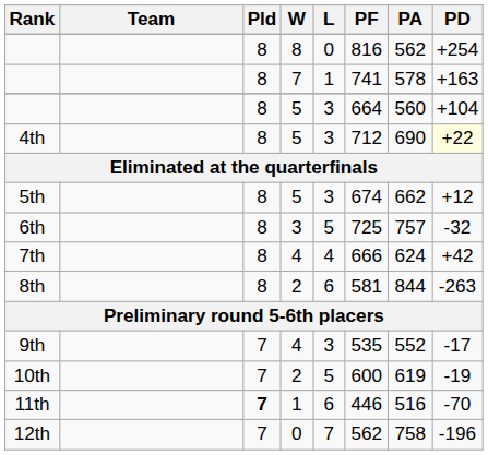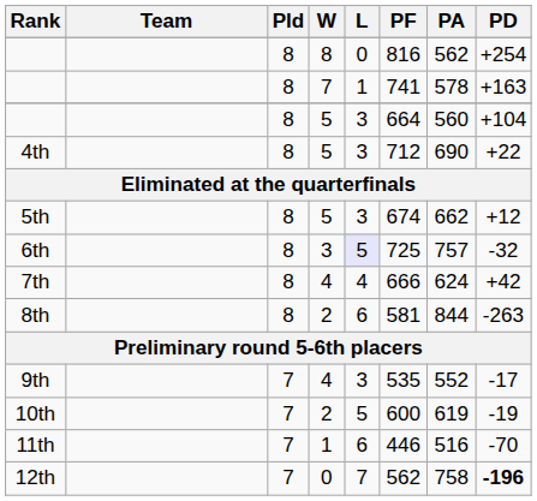 <table class=wikitable>
 <tr>
 <th>Rank</th>
 <th width=150px>Team</th>
 <th width=20px>Pld</th>
 <th width=20px>W</th>
 <th width=20px>L</th>
 <th width=30px>PF</th>
 <th width=30px>PA</th>
 <th width=30px>PD</th>
 </tr>
 <tr>
 </tr>
 <tr align=center>
 <td></td>
 <td align=left></td>
 <td>8</td>
 <td>8</td>
 <td>0</td>
 <td>816</td>
 <td>562</td>
 <td>+254</td>
 </tr>
 <tr align=center>
 <td></td>
 <td align=left></td>
 <td>8</td>
 <td>7</td>
 <td>1</td>
 <td>741</td>
 <td>578</td>
 <td>+163</td>
 </tr>
 <tr>
 </tr>
 <tr align=center>
 <td></td>
 <td align=left></td>
 <td>8</td>
 <td>5</td>
 <td>3</td>
 <td>664</td>
 <td>560</td>
 <td>+104</td>
 </tr>
 <tr align=center>
 <td>4th</td>
 <td align=left></td>
 <td>8</td>
 <td>5</td>
 <td>3</td>
 <td>712</td>
 <td>690</td>
-<td style="background: lightyellow;">+22</td>
+<td>+22</td>
 </tr>
 <tr>
 <th colspan=11>Eliminated at the quarterfinals</th>
 </tr>
 <tr align=center>
 <td>5th</td>
 <td align=left></td>
 <td>8</td>
 <td>5</td>
 <td>3</td>
 <td>674</td>
 <td>662</td>
 <td>+12</td>
 </tr>
 <tr align=center>
 <td>6th</td>
 <td align=left></td>
 <td>8</td>
 <td>3</td>
-<td>5</td>
+<td style="background: lavender;">5</td>
 <td>725</td>
 <td>757</td>
 <td>-32</td>
 </tr>
 <tr align=center>
 <td>7th</td>
 <td align=left></td>
 <td>8</td>
 <td>4</td>
 <td>4</td>
 <td>666</td>
 <td>624</td>
 <td>+42</td>
 </tr>
 <tr align=center>
 <td>8th</td>
 <td align=left></td>
 <td>8</td>
 <td>2</td>
 <td>6</td>
 <td>581</td>
 <td>844</td>
 <td>-263</td>
 </tr>
 <tr>
 <th colspan=11>Preliminary round 5-6th placers</th>
 </tr>
 <tr align=center>
 <td>9th</td>
 <td align=left></td>
 <td>7</td>
 <td>4</td>
 <td>3</td>
 <td>535</td>
 <td>552</td>
 <td>-17</td>
 </tr>
 <tr align=center>
 <td>10th</td>
 <td align=left></td>
 <td>7</td>
 <td>2</td>
 <td>5</td>
 <td>600</td>
 <td>619</td>
 <td>-19</td>
 </tr>
 <tr align=center>
 <td>11th</td>
 <td align=left></td>
-<td><strong>7</strong></td>
+<td>7</td>
 <td>1</td>
 <td>6</td>
 <td>446</td>
 <td>516</td>
 <td>-70</td>
 </tr>
 <tr align=center>
 <td>12th</td>
 <td align=left></td>
 <td>7</td>
 <td>0</td>
 <td>7</td>
 <td>562</td>
 <td>758</td>
-<td>-196</td>
+<td><strong>-196</strong></td>
 </tr>
 </table>
